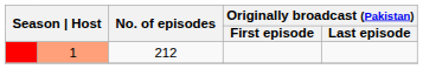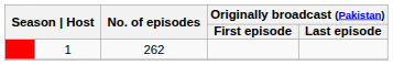 <table class="wikitable" style="text-align:center">
 <tr>
 <th style="padding: 0 8px" colspan="2" rowspan="2">Season | Host</th>
 <th style="padding: 0 8px" rowspan="2">No. of episodes</th>
 <th colspan="2">Originally broadcast <small>(<a href='#'>Pakistan</a>)</small></th>
 </tr>
 <tr>
 <th style="padding: 0 8px">First episode</th>
 <th style="padding: 0 8px">Last episode</th>
 </tr>
 <tr>
 <td style="background:#f00;"></td>
-<td style="background: lightsalmon; text-align:center;">1</td>
-<td style="text-align:center;">212</td>
+<td style="text-align:center;">1</td>
+<td style="text-align:center;">262</td>
 <td style="text-align:center;"></td>
 <td style="text-align:center;"></td>
 </tr>
 <tr>
 </tr>
 </table>
